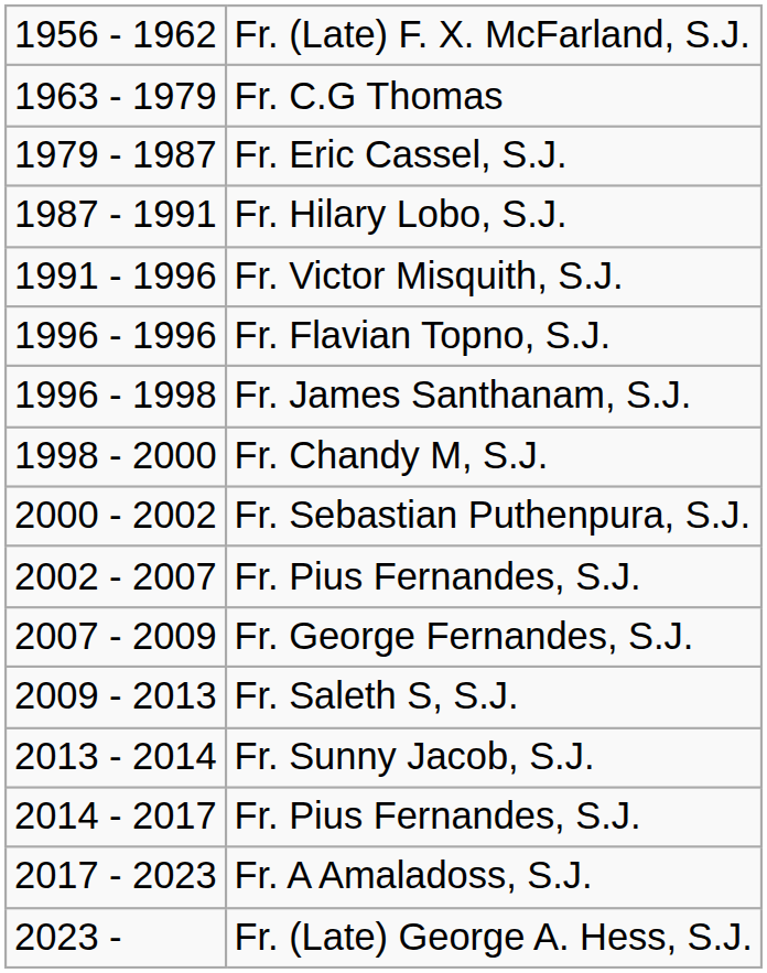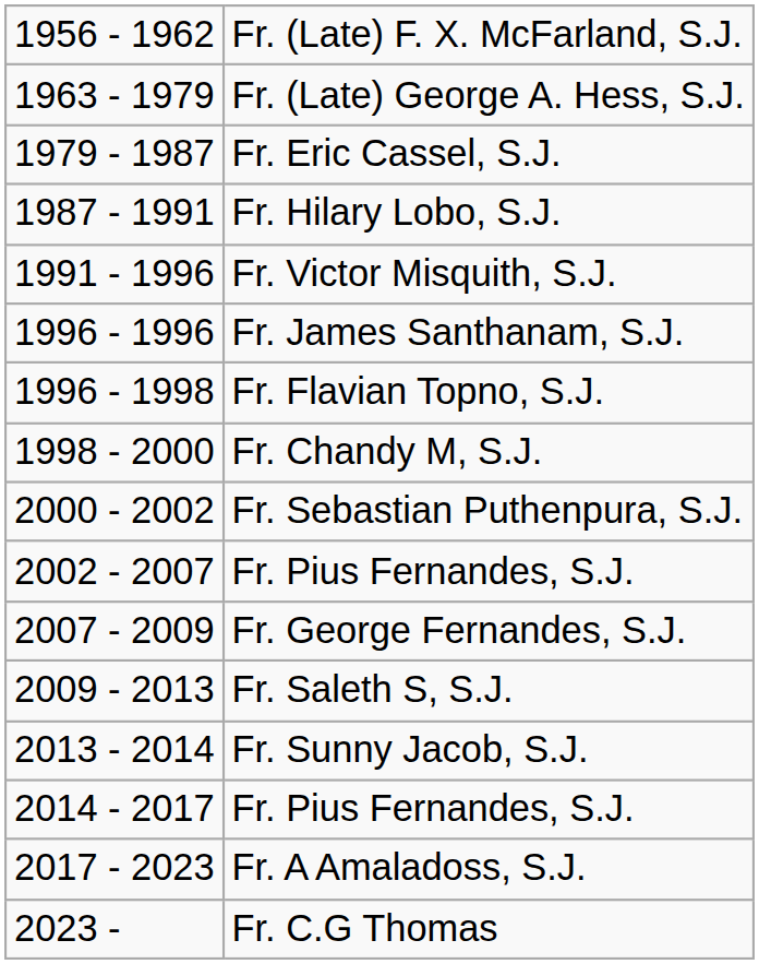 <table class="wikitable">
 <tr>
 <td>1956 - 1962</td>
 <td>Fr. (Late) F. X. McFarland, S.J.</td>
 </tr>
 <tr>
 <td>1963 - 1979</td>
-<td>Fr. C.G Thomas</td>
+<td>Fr. (Late) George A. Hess, S.J.</td>
 </tr>
 <tr>
 <td>1979 - 1987</td>
 <td>Fr. Eric Cassel, S.J.</td>
 </tr>
 <tr>
 <td>1987 - 1991</td>
 <td>Fr. Hilary Lobo, S.J.</td>
 </tr>
 <tr>
 <td>1991 - 1996</td>
 <td>Fr. Victor Misquith, S.J.</td>
 </tr>
 <tr>
 <td>1996 - 1996</td>
-<td>Fr. Flavian Topno, S.J.</td>
+<td>Fr. James Santhanam, S.J.</td>
 </tr>
 <tr>
 <td>1996 - 1998</td>
-<td>Fr. James Santhanam, S.J.</td>
+<td>Fr. Flavian Topno, S.J.</td>
 </tr>
 <tr>
 <td>1998 - 2000</td>
 <td>Fr. Chandy M, S.J.</td>
 </tr>
 <tr>
 <td>2000 - 2002</td>
 <td>Fr. Sebastian Puthenpura, S.J.</td>
 </tr>
 <tr>
 <td>2002 - 2007</td>
 <td>Fr. Pius Fernandes, S.J.</td>
 </tr>
 <tr>
 <td>2007 - 2009</td>
 <td>Fr. George Fernandes, S.J.</td>
 </tr>
 <tr>
 <td>2009 - 2013</td>
 <td>Fr. Saleth S, S.J.</td>
 </tr>
 <tr>
 <td>2013 - 2014</td>
 <td>Fr. Sunny Jacob, S.J.</td>
 </tr>
 <tr>
 <td>2014 - 2017</td>
 <td>Fr. Pius Fernandes, S.J.</td>
 </tr>
 <tr>
 <td>2017 - 2023</td>
 <td>Fr. A Amaladoss, S.J.</td>
 </tr>
 <tr>
 <td>2023 -</td>
-<td>Fr. (Late) George A. Hess, S.J.</td>
+<td>Fr. C.G Thomas</td>
 </tr>
 </table>
